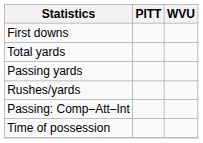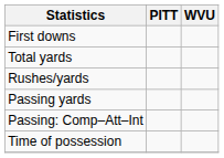 <table class="wikitable" style="float: left;">
 <tr>
 <th>Statistics</th>
 <th>PITT</th>
 <th>WVU</th>
 </tr>
 <tr>
 <td>First downs</td>
 <td></td>
 <td></td>
 </tr>
 <tr>
 <td>Total yards</td>
 <td></td>
 <td></td>
 </tr>
 <tr>
-<td>Passing yards</td>
+<td>Rushes/yards</td>
 <td></td>
 <td></td>
 </tr>
 <tr>
-<td>Rushes/yards</td>
+<td>Passing yards</td>
 <td></td>
 <td></td>
 </tr>
 <tr>
 <td>Passing: Comp–Att–Int</td>
 <td></td>
 <td></td>
 </tr>
 <tr>
 <td>Time of possession</td>
 <td></td>
 <td></td>
 </tr>
 <tr>
 </tr>
 </table>
